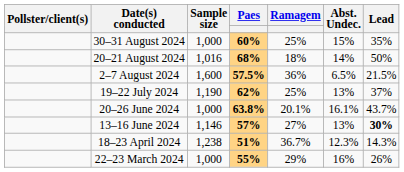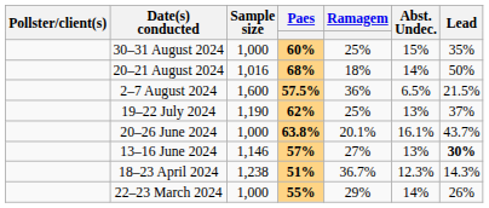 <table class="wikitable" style="text-align:center;font-size:90%;line-height:14px;">
 <tr>
 <th rowspan="2">Pollster/client(s)</th>
 <th rowspan="2">Date(s)<br>conducted</th>
 <th rowspan="2">Sample<br>size</th>
 <th><a href='#'>Paes</a><br></th>
 <th><a href='#'>Ramagem</a><br></th>
 <th rowspan="2">Abst.<br>Undec.</th>
 <th rowspan="2">Lead</th>
 </tr>
 <tr>
 <th class="sortable" data-sort-type="number" style="background:"></th>
 <th class="sortable" data-sort-type="number" style="background:"></th>
 </tr>
 <tr>
 <td></td>
 <td>30–31 August 2024</td>
 <td>1,000</td>
 <td style="background:#ffd485;"><strong>60%</strong></td>
 <td>25%</td>
 <td>15%</td>
 <td style="background:">35%</td>
 </tr>
 <tr>
 <td></td>
 <td>20–21 August 2024</td>
 <td>1,016</td>
 <td style="background:#ffd485;"><strong>68%</strong></td>
 <td>18%</td>
 <td>14%</td>
 <td style="background:">50%</td>
 </tr>
 <tr>
 <td></td>
 <td>2–7 August 2024</td>
 <td>1,600</td>
 <td style="background:#ffd485;"><strong>57.5%</strong></td>
 <td>36%</td>
 <td>6.5%</td>
 <td style="background:">21.5%</td>
 </tr>
 <tr>
 <td></td>
 <td>19–22 July 2024</td>
 <td>1,190</td>
 <td style="background:#ffd485;"><strong>62%</strong></td>
 <td>25%</td>
 <td>13%</td>
 <td style="background:">37%</td>
 </tr>
 <tr>
 <td></td>
 <td>20–26 June 2024</td>
 <td>1,000</td>
 <td style="background:#ffd485;"><strong>63.8%</strong></td>
 <td>20.1%</td>
 <td>16.1%</td>
 <td style="background:">43.7%</td>
 </tr>
 <tr>
 <td></td>
 <td>13–16 June 2024</td>
 <td>1,146</td>
 <td style="background:#ffd485;"><strong>57%</strong></td>
 <td>27%</td>
 <td>13%</td>
 <td style="background:"><strong>30%</strong></td>
 </tr>
 <tr>
 <td></td>
 <td>18–23 April 2024</td>
 <td>1,238</td>
 <td style="background:#ffd485;"><strong>51%</strong></td>
 <td>36.7%</td>
 <td>12.3%</td>
 <td style="background:">14.3%</td>
 </tr>
 <tr>
 <td></td>
 <td>22–23 March 2024</td>
 <td>1,000</td>
 <td style="background:#ffd485;"><strong>55%</strong></td>
 <td>29%</td>
-<td>16%</td>
+<td>14%</td>
 <td style="background:">26%</td>
 </tr>
 </table>
